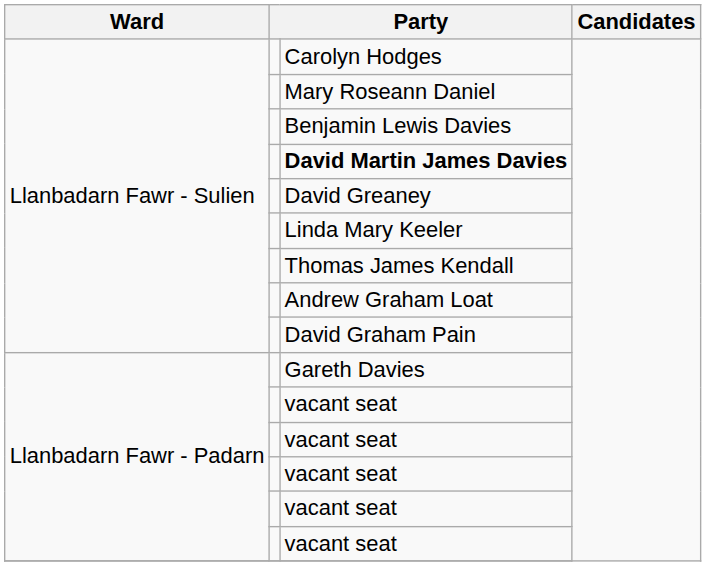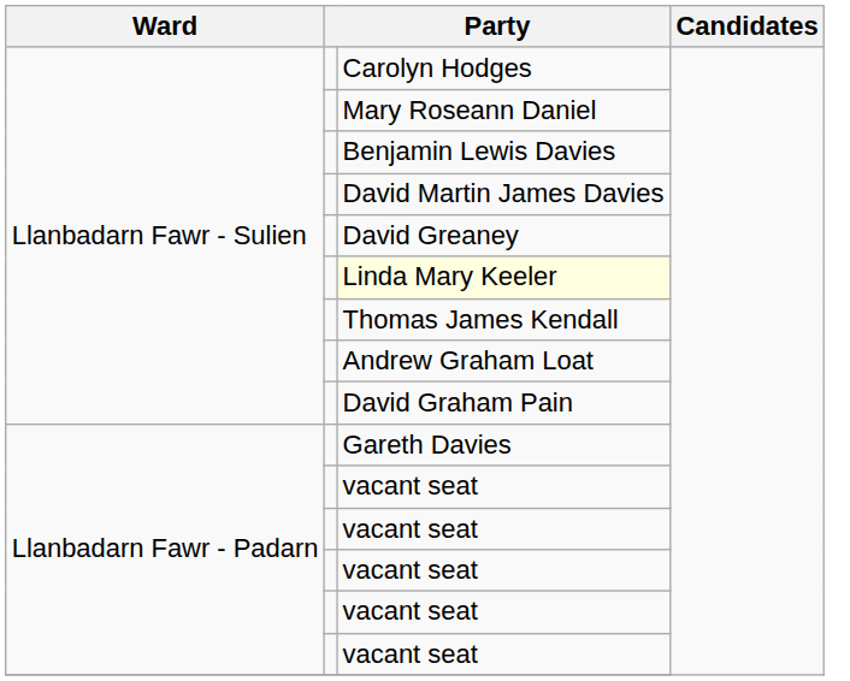 <table class="wikitable">
 <tr>
 <th>Ward</th>
 <th colspan="2">Party</th>
 <th>Candidates</th>
 </tr>
 <tr>
 <td rowspan="9">Llanbadarn Fawr - Sulien</td>
 <td></td>
 <td>Carolyn Hodges</td>
 </tr>
 <tr>
 <td></td>
 <td>Mary Roseann Daniel</td>
 </tr>
 <tr>
 <td></td>
 <td>Benjamin Lewis Davies</td>
 </tr>
 <tr>
 <td></td>
-<td><strong>David Martin James Davies</strong></td>
+<td>David Martin James Davies</td>
 </tr>
 <tr>
 <td></td>
 <td>David Greaney</td>
 </tr>
 <tr>
 <td></td>
-<td>Linda Mary Keeler</td>
+<td style="background: lightyellow;">Linda Mary Keeler</td>
 </tr>
 <tr>
 <td></td>
 <td>Thomas James Kendall</td>
 </tr>
 <tr>
 <td></td>
 <td>Andrew Graham Loat</td>
 </tr>
 <tr>
 <td></td>
 <td>David Graham Pain</td>
 </tr>
 <tr>
 <td rowspan="6">Llanbadarn Fawr - Padarn</td>
 <td></td>
 <td>Gareth Davies</td>
 </tr>
 <tr>
 <td></td>
 <td>vacant seat</td>
 </tr>
 <tr>
 <td></td>
 <td>vacant seat</td>
 </tr>
 <tr>
 <td></td>
 <td>vacant seat</td>
 </tr>
 <tr>
 <td></td>
 <td>vacant seat</td>
 </tr>
 <tr>
 <td></td>
 <td>vacant seat</td>
 </tr>
 <tr>
 </tr>
 </table>
